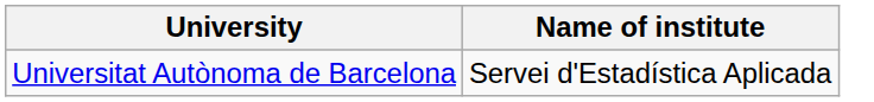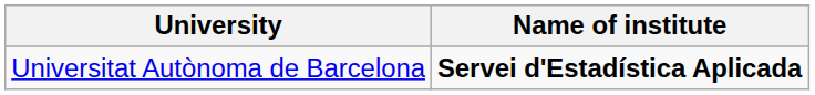 <table class="wikitable">
 <tr>
 <th>University</th>
 <th>Name of institute</th>
 </tr>
 <tr>
 <td><a href='#'>Universitat Autònoma de Barcelona</a></td>
-<td>Servei d'Estadística Aplicada </td>
+<td><strong>Servei d'Estadística Aplicada </strong></td>
 </tr>
 </table>
